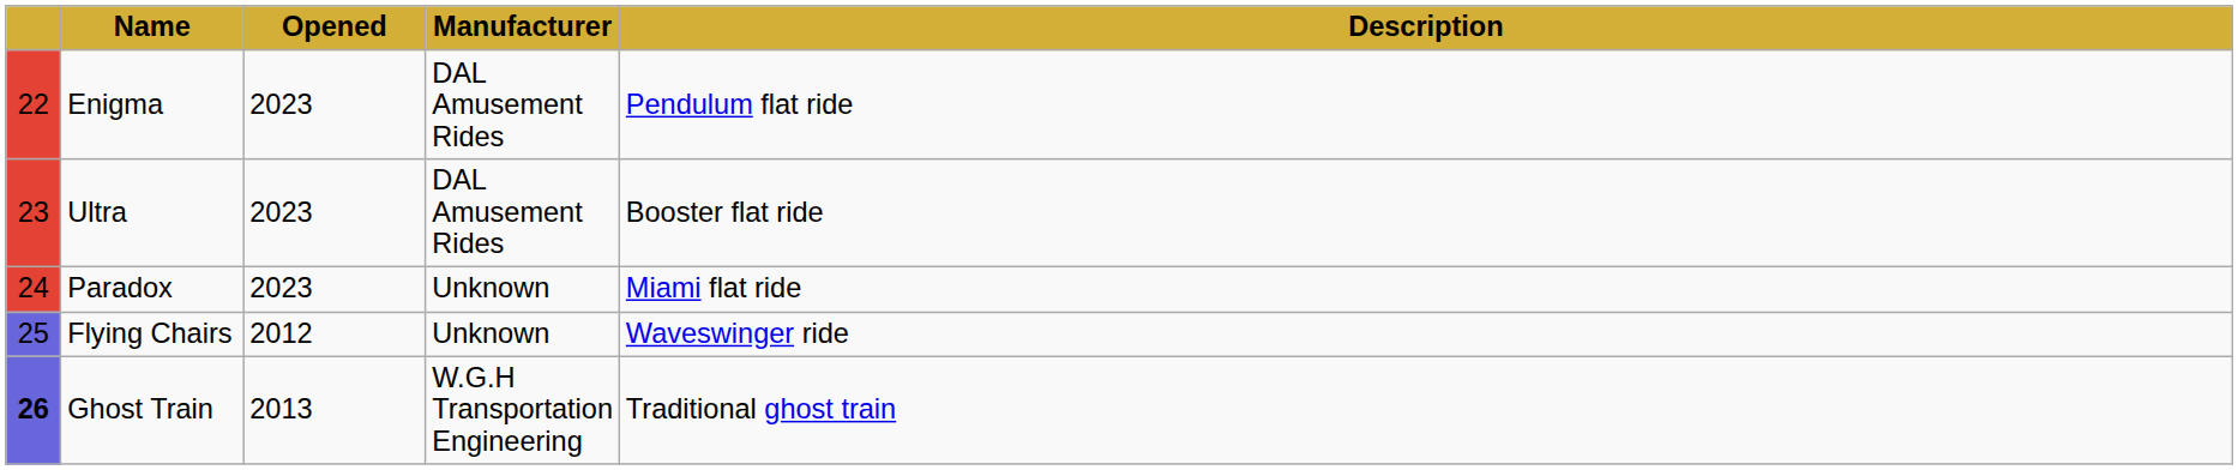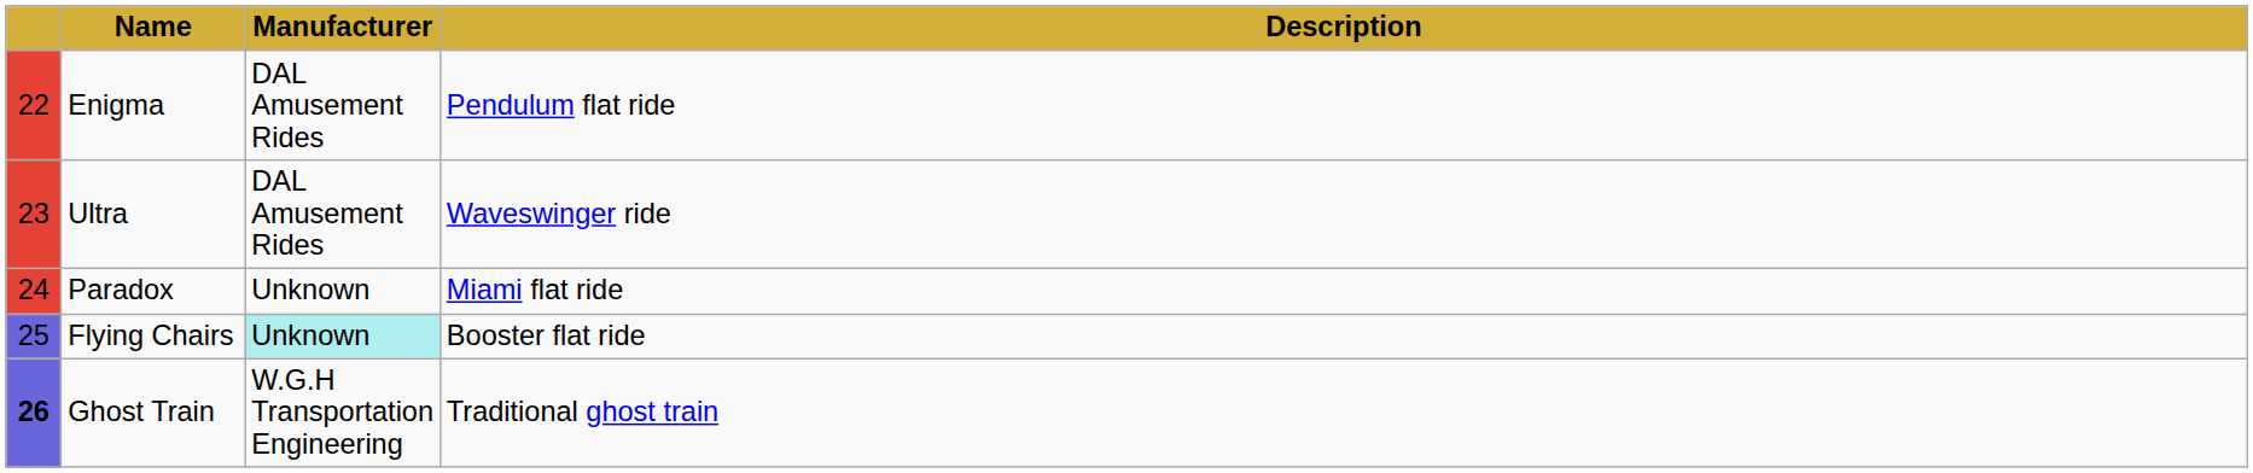 <table class="wikitable sortable" style="width: 100%; font sizes: 95%;">
 <tr>
 <th style="background-color: #d4af37; width: 1.5em;"></th>
 <th style="background-color: #d4af37; width: 6em;">Name</th>
-<th style="background-color: #d4af37; width: 6em;">Opened</th>
 <th style="background-color: #d4af37; width: 6em;">Manufacturer</th>
 <th style="background-color: #d4af37;">Description</th>
 </tr>
 <tr>
 <td bgcolor="#e34234" style="text-align: center;">22</td>
 <td>Enigma</td>
-<td>2023</td>
 <td>DAL Amusement Rides</td>
 <td><a href='#'>Pendulum</a> flat ride</td>
 </tr>
 <tr>
 <td bgcolor="#e34234" style="text-align: center;">23</td>
 <td>Ultra</td>
-<td>2023</td>
 <td>DAL Amusement Rides</td>
-<td>Booster flat ride</td>
+<td><a href='#'>Waveswinger</a> ride</td>
 </tr>
 <tr>
 <td bgcolor="#e34234" style="text-align: center;">24</td>
 <td>Paradox</td>
-<td>2023</td>
 <td>Unknown</td>
 <td><a href='#'>Miami</a> flat ride</td>
 </tr>
 <tr>
 <td bgcolor="#6966dc" style="text-align: center;">25</td>
 <td>Flying Chairs</td>
-<td>2012</td>
-<td>Unknown</td>
-<td><a href='#'>Waveswinger</a> ride</td>
+<td style="background: paleturquoise;">Unknown</td>
+<td>Booster flat ride</td>
 </tr>
 <tr>
 <td bgcolor="#6966dc" style="text-align: center;"><strong>26</strong></td>
 <td>Ghost Train</td>
-<td>2013</td>
 <td>W.G.H Transportation Engineering</td>
 <td>Traditional <a href='#'>ghost train</a></td>
 </tr>
 </table>
